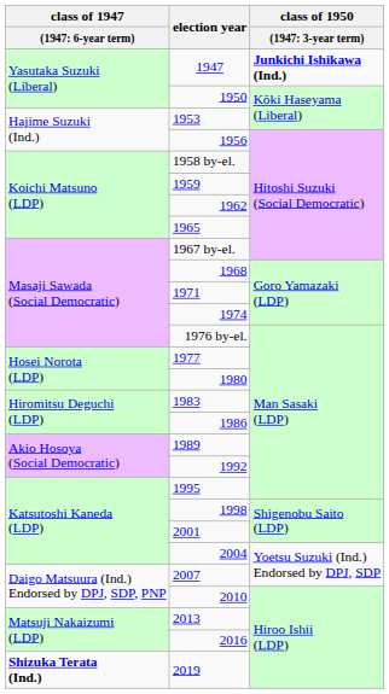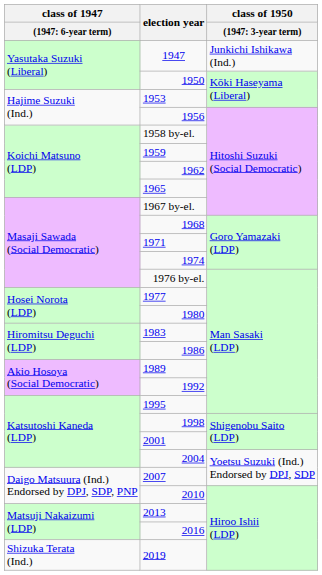 <table class="wikitable" border="1">
 <tr>
 <th>class of 1947</th>
 <th rowspan="2">election year</th>
 <th>class of 1950</th>
 </tr>
 <tr>
 <th><small>(1947: 6-year term)</small></th>
 <th><small>(1947: 3-year term)</small></th>
 </tr>
 <tr>
 <td rowspan="2" bgcolor="#CCFFCC"><a href='#'>Yasutaka Suzuki</a><br>(<a href='#'>Liberal</a>)</td>
 <td align="center"><a href='#'>1947</a></td>
-<td><strong><a href='#'>Junkichi Ishikawa</a><br>(Ind.)</strong></td>
+<td><a href='#'>Junkichi Ishikawa</a><br>(Ind.)</td>
 </tr>
 <tr>
 <td align="right"><a href='#'>1950</a></td>
 <td rowspan="2" bgcolor="#CCFFCC"><a href='#'>Kōki Haseyama</a><br>(<a href='#'>Liberal</a>)</td>
 </tr>
 <tr>
 <td rowspan="2"><a href='#'>Hajime Suzuki</a><br>(Ind.)</td>
 <td align="left"><a href='#'>1953</a></td>
 </tr>
 <tr>
 <td align="right"><a href='#'>1956</a></td>
 <td rowspan="6" bgcolor="#EEBBFF"><a href='#'>Hitoshi Suzuki</a><br>(<a href='#'>Social Democratic</a>)</td>
 </tr>
 <tr>
 <td rowspan="4" bgcolor="#CCFFCC"><a href='#'>Koichi Matsuno</a><br>(<a href='#'>LDP</a>)</td>
 <td align="left">1958 by-el.</td>
 </tr>
 <tr>
 <td align="left"><a href='#'>1959</a></td>
 </tr>
 <tr>
 <td align="right"><a href='#'>1962</a></td>
 </tr>
 <tr>
 <td align="left"><a href='#'>1965</a></td>
 </tr>
 <tr>
 <td rowspan="5" bgcolor="#EEBBFF"><a href='#'>Masaji Sawada</a><br>(<a href='#'>Social Democratic</a>)</td>
 <td align="left">1967 by-el.</td>
 </tr>
 <tr>
 <td align="right"><a href='#'>1968</a></td>
 <td rowspan="3" bgcolor="#CCFFCC"><a href='#'>Goro Yamazaki</a><br>(<a href='#'>LDP</a>)</td>
 </tr>
 <tr>
 <td align="left"><a href='#'>1971</a></td>
 </tr>
 <tr>
 <td align="right"><a href='#'>1974</a></td>
 </tr>
 <tr>
 <td align="right">1976 by-el.</td>
 <td rowspan="8" bgcolor="#CCFFCC"><a href='#'>Man Sasaki</a><br>(<a href='#'>LDP</a>)</td>
 </tr>
 <tr>
 <td rowspan="2" bgcolor="#CCFFCC"><a href='#'>Hosei Norota</a><br>(<a href='#'>LDP</a>)</td>
 <td align="left"><a href='#'>1977</a></td>
 </tr>
 <tr>
 <td align="right"><a href='#'>1980</a></td>
 </tr>
 <tr>
 <td rowspan="2" bgcolor="#CCFFCC"><a href='#'>Hiromitsu Deguchi</a><br>(<a href='#'>LDP</a>)</td>
 <td align="left"><a href='#'>1983</a></td>
 </tr>
 <tr>
 <td align="right"><a href='#'>1986</a></td>
 </tr>
 <tr>
 <td rowspan="2" bgcolor="#EEBBFF"><a href='#'>Akio Hosoya</a><br>(<a href='#'>Social Democratic</a>)</td>
 <td align="left"><a href='#'>1989</a></td>
 </tr>
 <tr>
 <td align="right"><a href='#'>1992</a></td>
 </tr>
 <tr>
 <td rowspan="4" bgcolor="#CCFFCC"><a href='#'>Katsutoshi Kaneda</a><br>(<a href='#'>LDP</a>)</td>
 <td align="left"><a href='#'>1995</a></td>
 </tr>
 <tr>
 <td align="right"><a href='#'>1998</a></td>
 <td rowspan="2" bgcolor="#CCFFCC"><a href='#'>Shigenobu Saito</a><br>(<a href='#'>LDP</a>)</td>
 </tr>
 <tr>
 <td align="left"><a href='#'>2001</a></td>
 </tr>
 <tr>
 <td align="right"><a href='#'>2004</a></td>
 <td rowspan="2"><a href='#'>Yoetsu Suzuki</a> (Ind.)<br>Endorsed by <a href='#'>DPJ</a>, <a href='#'>SDP</a></td>
 </tr>
 <tr>
 <td rowspan="2"><a href='#'>Daigo Matsuura</a> (Ind.)<br>Endorsed by <a href='#'>DPJ</a>, <a href='#'>SDP</a>, <a href='#'>PNP</a></td>
 <td align="left"><a href='#'>2007</a></td>
 </tr>
 <tr>
 <td align="right"><a href='#'>2010</a></td>
 <td rowspan="4" bgcolor="#CCFFCC"><a href='#'>Hiroo Ishii</a><br>(<a href='#'>LDP</a>)</td>
 </tr>
 <tr>
 <td rowspan="2" bgcolor="#CCFFCC"><a href='#'>Matsuji Nakaizumi</a><br>(<a href='#'>LDP</a>)</td>
 <td align="left"><a href='#'>2013</a></td>
 </tr>
 <tr>
 <td align="right"><a href='#'>2016</a></td>
 </tr>
 <tr>
-<td><strong><a href='#'>Shizuka Terata</a><br>(Ind.)</strong></td>
+<td><a href='#'>Shizuka Terata</a><br>(Ind.)</td>
 <td align="left"><a href='#'>2019</a></td>
 </tr>
 </table>
